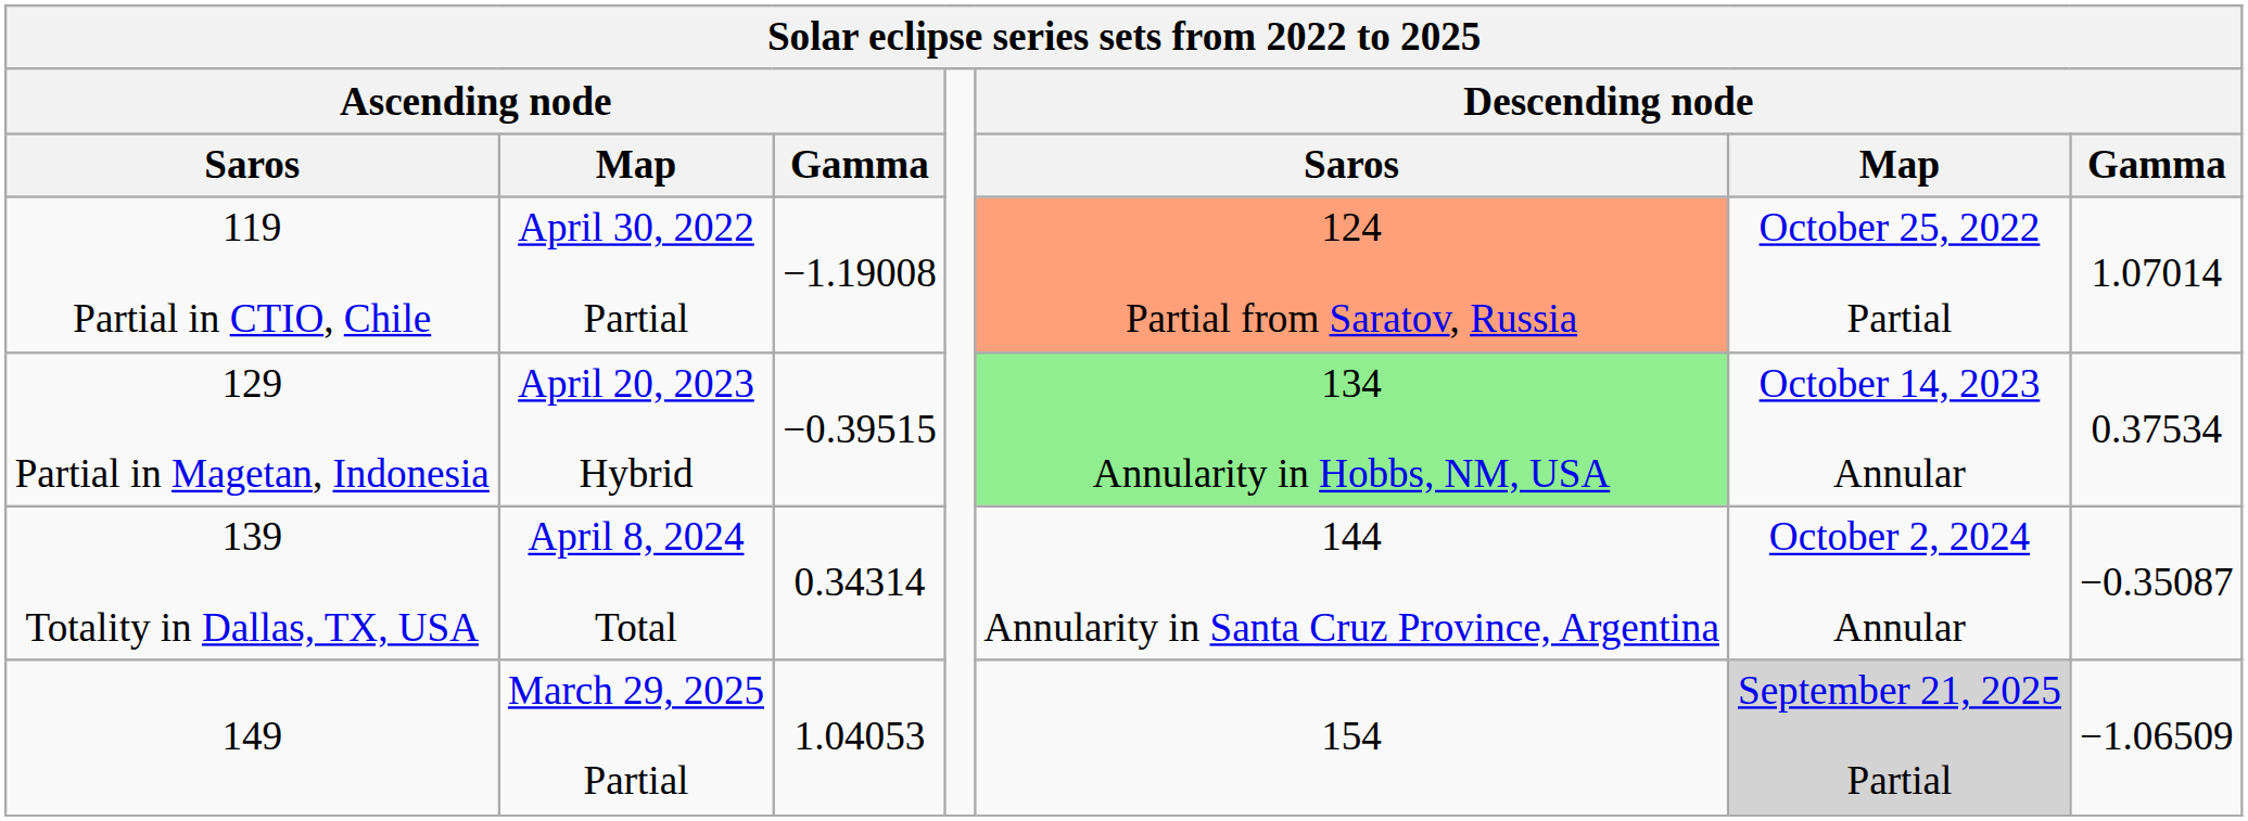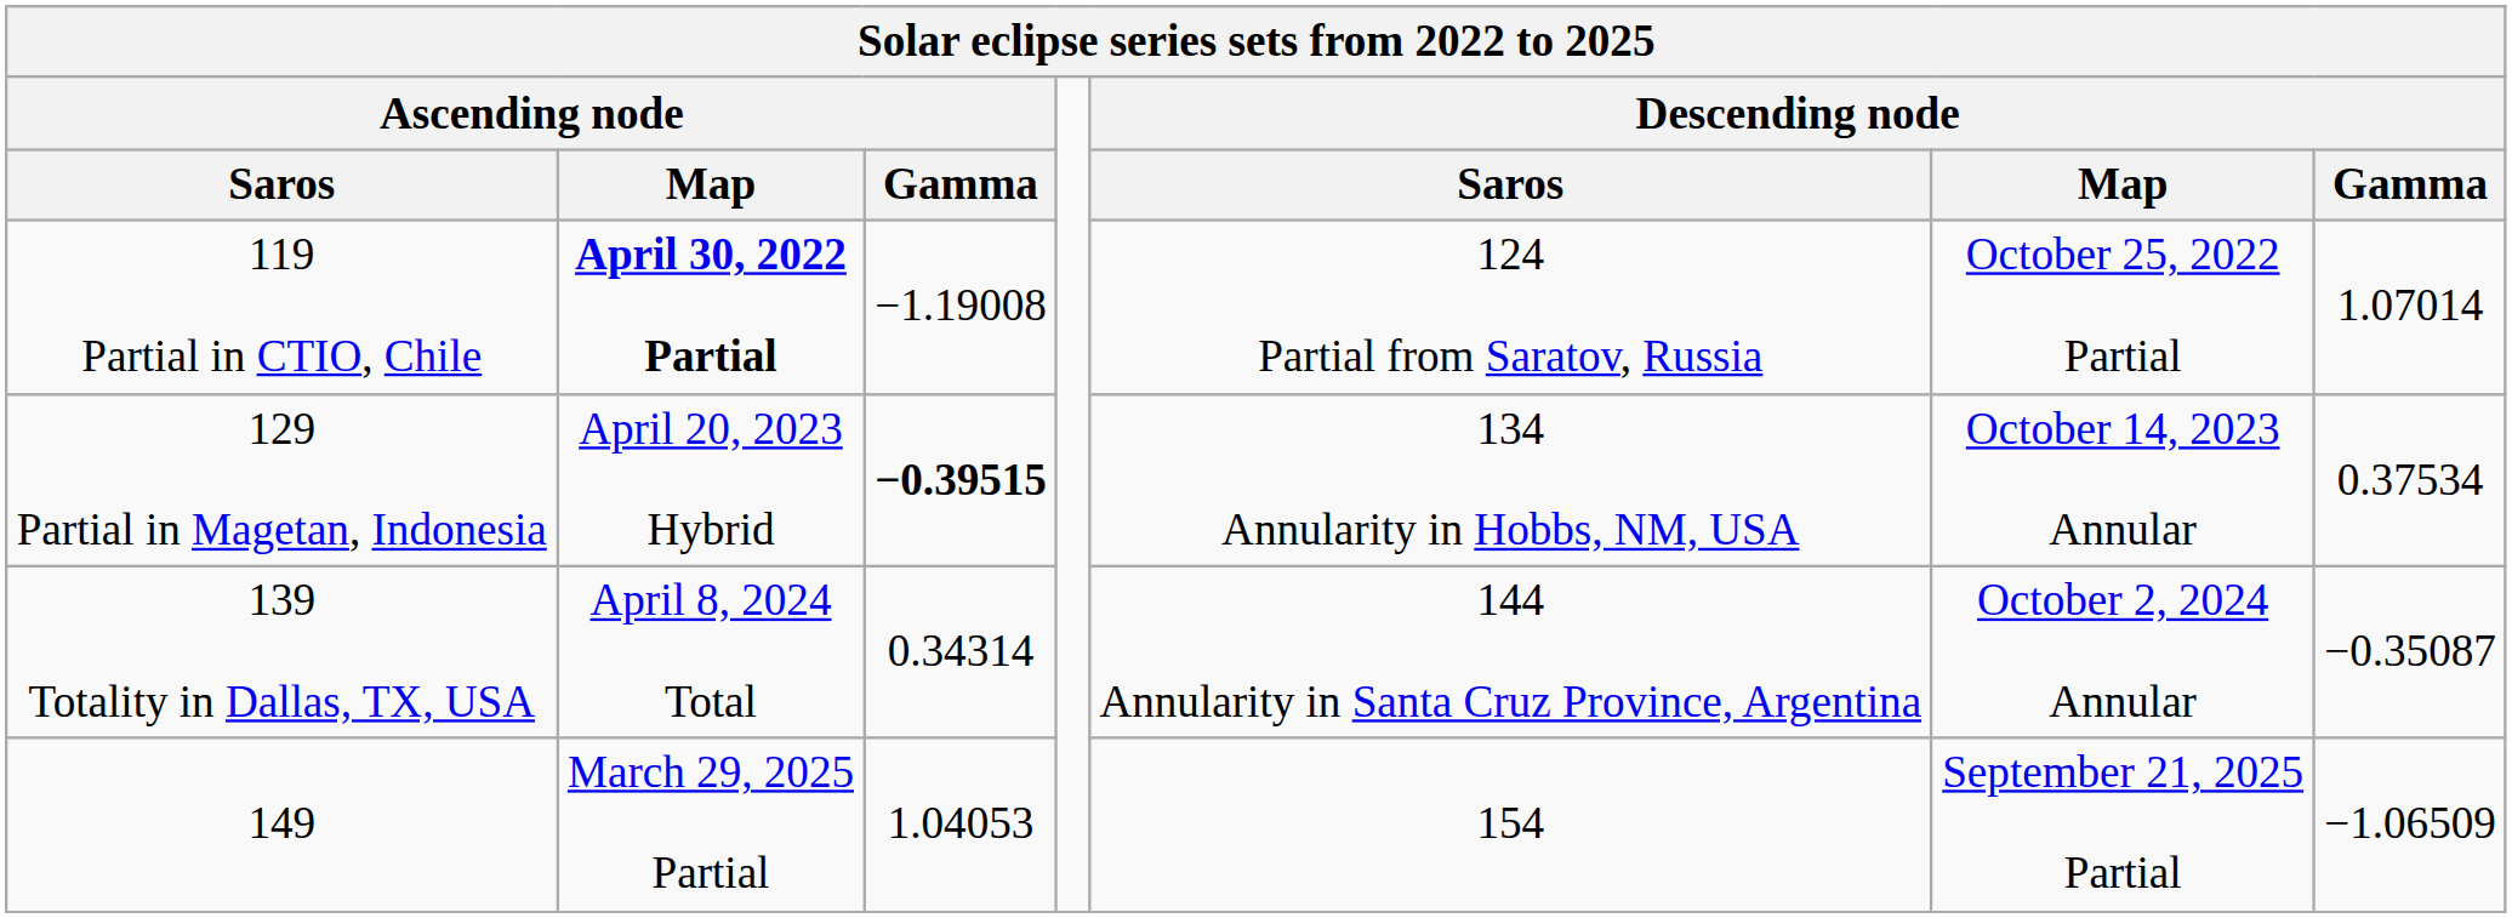 <table class="wikitable">
 <tr>
 <th class="nowrap" colspan="7">Solar eclipse series sets from 2022 to 2025</th>
 </tr>
 <tr>
 <th scope="col" colspan="3">Ascending node</th>
 <td rowspan="6"> </td>
 <th scope="col" colspan="3">Descending node</th>
 </tr>
 <tr style="text-align: center;">
 <th scope="col">Saros</th>
 <th scope="col">Map</th>
 <th scope="col">Gamma</th>
 <th scope="col">Saros</th>
 <th scope="col">Map</th>
 <th scope="col">Gamma</th>
 </tr>
 <tr style="text-align: center;">
 <td>119<br><br>Partial in <a href='#'>CTIO</a>, <a href='#'>Chile</a></td>
-<td><a href='#'>April 30, 2022</a><br><br>Partial</td>
+<td><strong><a href='#'>April 30, 2022</a><br><br>Partial</strong></td>
 <td>−1.19008</td>
-<td style="background: lightsalmon;">124<br><br>Partial from <a href='#'>Saratov</a>, <a href='#'>Russia</a></td>
+<td>124<br><br>Partial from <a href='#'>Saratov</a>, <a href='#'>Russia</a></td>
 <td><a href='#'>October 25, 2022</a><br><br>Partial</td>
 <td>1.07014</td>
 </tr>
 <tr style="text-align: center;">
 <td>129<br><br>Partial in <a href='#'>Magetan</a>, <a href='#'>Indonesia</a></td>
 <td><a href='#'>April 20, 2023</a><br><br>Hybrid</td>
-<td>−0.39515</td>
-<td style="background: lightgreen;">134<br><br>Annularity in <a href='#'>Hobbs, NM, USA</a></td>
+<td><strong>−0.39515</strong></td>
+<td>134<br><br>Annularity in <a href='#'>Hobbs, NM, USA</a></td>
 <td><a href='#'>October 14, 2023</a><br><br>Annular</td>
 <td>0.37534</td>
 </tr>
 <tr style="text-align: center;">
 <td>139<br><br>Totality in <a href='#'>Dallas, TX, USA</a></td>
 <td><a href='#'>April 8, 2024</a><br><br>Total</td>
 <td>0.34314</td>
 <td>144<br><br>Annularity in <a href='#'>Santa Cruz Province, Argentina</a></td>
 <td><a href='#'>October 2, 2024</a><br><br>Annular</td>
 <td>−0.35087</td>
 </tr>
 <tr style="text-align: center;">
 <td>149</td>
 <td><a href='#'>March 29, 2025</a><br><br>Partial</td>
 <td>1.04053</td>
 <td>154</td>
-<td style="background: lightgrey;"><a href='#'>September 21, 2025</a><br><br>Partial</td>
+<td><a href='#'>September 21, 2025</a><br><br>Partial</td>
 <td>−1.06509</td>
 </tr>
 </table>
